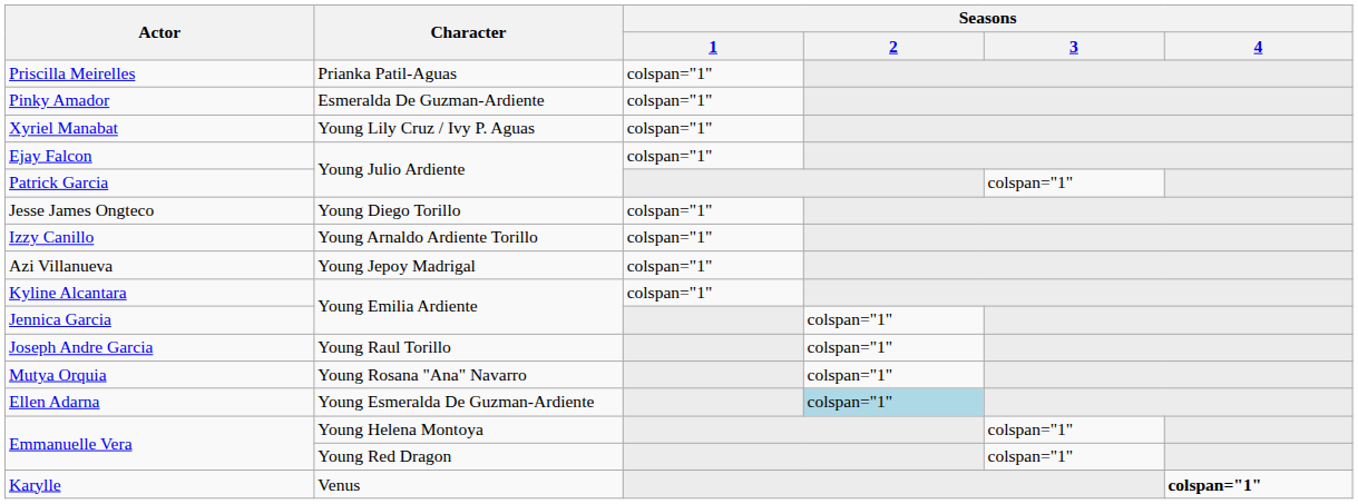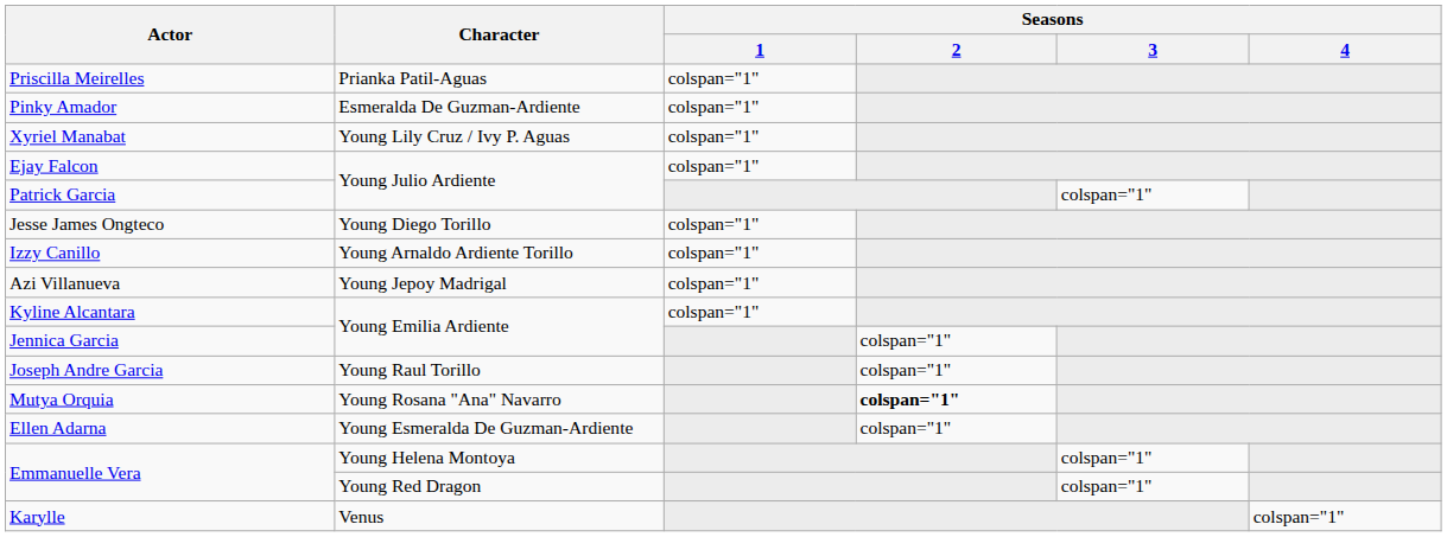 <table class="wikitable">
 <tr>
 <th style="width:10%;" rowspan="2">Actor</th>
 <th style="width:10%;" rowspan="2">Character</th>
 <th colspan="12">Seasons</th>
 </tr>
 <tr>
 <th style="width:5%;"><a href='#'>1</a></th>
 <th style="width:5%;"><a href='#'>2</a></th>
 <th style="width:5%;"><a href='#'>3</a></th>
 <th style="width:5%;"><a href='#'>4</a></th>
 </tr>
 <tr>
 <td><a href='#'>Priscilla Meirelles</a></td>
 <td>Prianka Patil-Aguas</td>
 <td>colspan="1" </td>
 <td colspan="3" style="background: #ececec; color: grey; vertical-align: middle; text-align: center; " class="table-na"></td>
 </tr>
 <tr>
 <td><a href='#'>Pinky Amador</a></td>
 <td>Esmeralda De Guzman-Ardiente</td>
 <td>colspan="1" </td>
 <td colspan="3" style="background: #ececec; color: grey; vertical-align: middle; text-align: center; " class="table-na"></td>
 </tr>
 <tr>
 <td><a href='#'>Xyriel Manabat</a></td>
 <td>Young Lily Cruz / Ivy P. Aguas</td>
 <td>colspan="1" </td>
 <td colspan="3" style="background: #ececec; color: grey; vertical-align: middle; text-align: center; " class="table-na"></td>
 </tr>
 <tr>
 <td><a href='#'>Ejay Falcon</a></td>
 <td rowspan="2">Young Julio Ardiente</td>
 <td>colspan="1" </td>
 <td colspan="3" style="background: #ececec; color: grey; vertical-align: middle; text-align: center; " class="table-na"></td>
 </tr>
 <tr>
 <td><a href='#'>Patrick Garcia</a></td>
 <td colspan="2" style="background: #ececec; color: grey; vertical-align: middle; text-align: center; " class="table-na"></td>
 <td>colspan="1" </td>
 <td colspan="1" style="background: #ececec; color: grey; vertical-align: middle; text-align: center; " class="table-na"></td>
 </tr>
 <tr>
 <td>Jesse James Ongteco</td>
 <td>Young Diego Torillo</td>
 <td>colspan="1" </td>
 <td colspan="3" style="background: #ececec; color: grey; vertical-align: middle; text-align: center; " class="table-na"></td>
 </tr>
 <tr>
 <td><a href='#'>Izzy Canillo</a></td>
 <td>Young Arnaldo Ardiente Torillo</td>
 <td>colspan="1" </td>
 <td colspan="3" style="background: #ececec; color: grey; vertical-align: middle; text-align: center; " class="table-na"></td>
 </tr>
 <tr>
 <td>Azi Villanueva</td>
 <td>Young Jepoy Madrigal</td>
 <td>colspan="1" </td>
 <td colspan="3" style="background: #ececec; color: grey; vertical-align: middle; text-align: center; " class="table-na"></td>
 </tr>
 <tr>
 <td><a href='#'>Kyline Alcantara</a></td>
 <td rowspan="2">Young Emilia Ardiente</td>
 <td>colspan="1" </td>
 <td colspan="3" style="background: #ececec; color: grey; vertical-align: middle; text-align: center; " class="table-na"></td>
 </tr>
 <tr>
 <td><a href='#'>Jennica Garcia</a></td>
 <td colspan="1" style="background: #ececec; color: grey; vertical-align: middle; text-align: center; " class="table-na"></td>
 <td>colspan="1" </td>
 <td colspan="2" style="background: #ececec; color: grey; vertical-align: middle; text-align: center; " class="table-na"></td>
 </tr>
 <tr>
 <td><a href='#'>Joseph Andre Garcia</a></td>
 <td>Young Raul Torillo</td>
 <td colspan="1" style="background: #ececec; color: grey; vertical-align: middle; text-align: center; " class="table-na"></td>
 <td>colspan="1" </td>
 <td colspan="2" style="background: #ececec; color: grey; vertical-align: middle; text-align: center; " class="table-na"></td>
 </tr>
 <tr>
 <td><a href='#'>Mutya Orquia</a></td>
 <td>Young Rosana "Ana" Navarro</td>
 <td colspan="1" style="background: #ececec; color: grey; vertical-align: middle; text-align: center; " class="table-na"></td>
-<td>colspan="1" </td>
+<td><strong>colspan="1" </strong></td>
 <td colspan="2" style="background: #ececec; color: grey; vertical-align: middle; text-align: center; " class="table-na"></td>
 </tr>
 <tr>
 <td><a href='#'>Ellen Adarna</a></td>
 <td>Young Esmeralda De Guzman-Ardiente</td>
 <td colspan="1" style="background: #ececec; color: grey; vertical-align: middle; text-align: center; " class="table-na"></td>
-<td style="background: lightblue;">colspan="1" </td>
+<td>colspan="1" </td>
 <td colspan="2" style="background: #ececec; color: grey; vertical-align: middle; text-align: center; " class="table-na"></td>
 </tr>
 <tr>
 <td rowspan="2"><a href='#'>Emmanuelle Vera</a></td>
 <td>Young Helena Montoya</td>
 <td colspan="2" style="background: #ececec; color: grey; vertical-align: middle; text-align: center; " class="table-na"></td>
 <td>colspan="1" </td>
 <td colspan="1" style="background: #ececec; color: grey; vertical-align: middle; text-align: center; " class="table-na"></td>
 </tr>
 <tr>
 <td>Young Red Dragon</td>
 <td colspan="2" style="background: #ececec; color: grey; vertical-align: middle; text-align: center; " class="table-na"></td>
 <td>colspan="1" </td>
 <td colspan="1" style="background: #ececec; color: grey; vertical-align: middle; text-align: center; " class="table-na"></td>
 </tr>
 <tr>
 <td><a href='#'>Karylle</a></td>
 <td>Venus</td>
 <td colspan="3" style="background: #ececec; color: grey; vertical-align: middle; text-align: center; " class="table-na"></td>
-<td><strong>colspan="1" </strong></td>
+<td>colspan="1" </td>
 </tr>
 </table>
